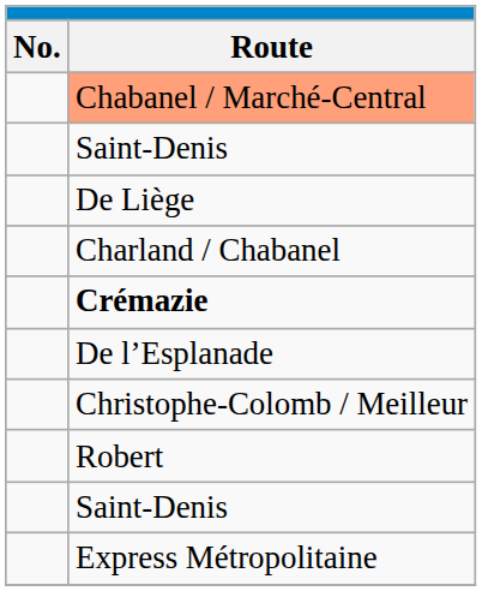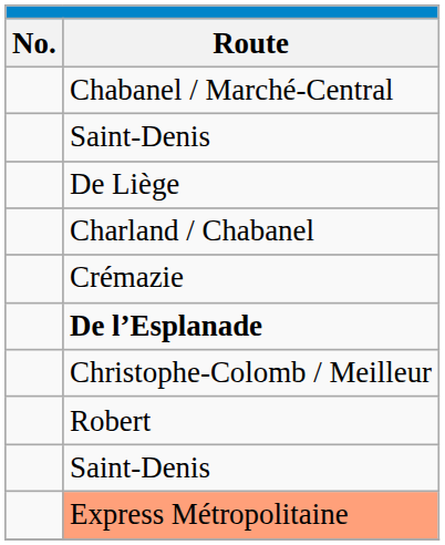 <table align=center class="wikitable">
 <tr>
 <th style="background: #0085CA; font-size:100%; color:#FFFFFF;"colspan="4"><a href='#'></a></th>
 </tr>
 <tr>
 <th>No.</th>
 <th>Route</th>
 </tr>
 <tr>
 <td></td>
-<td style="background: lightsalmon;">Chabanel / Marché-Central</td>
+<td>Chabanel / Marché-Central</td>
 </tr>
 <tr>
 <td></td>
 <td>Saint-Denis</td>
 </tr>
 <tr>
 <td></td>
 <td>De Liège</td>
 </tr>
 <tr>
 <td></td>
 <td>Charland / Chabanel</td>
 </tr>
 <tr>
 <td></td>
-<td><strong>Crémazie</strong></td>
+<td>Crémazie</td>
 </tr>
 <tr>
 <td></td>
-<td>De l’Esplanade</td>
+<td><strong>De l’Esplanade</strong></td>
 </tr>
 <tr>
 <td></td>
 <td>Christophe-Colomb / Meilleur</td>
 </tr>
 <tr>
 <td></td>
 <td>Robert</td>
 </tr>
 <tr>
 <td {{Avoid wrap> </td>
 <td>Saint-Denis</td>
 </tr>
 <tr>
 <td></td>
-<td>Express Métropolitaine</td>
+<td style="background: lightsalmon;">Express Métropolitaine</td>
 </tr>
 <tr>
 </tr>
 </table>
